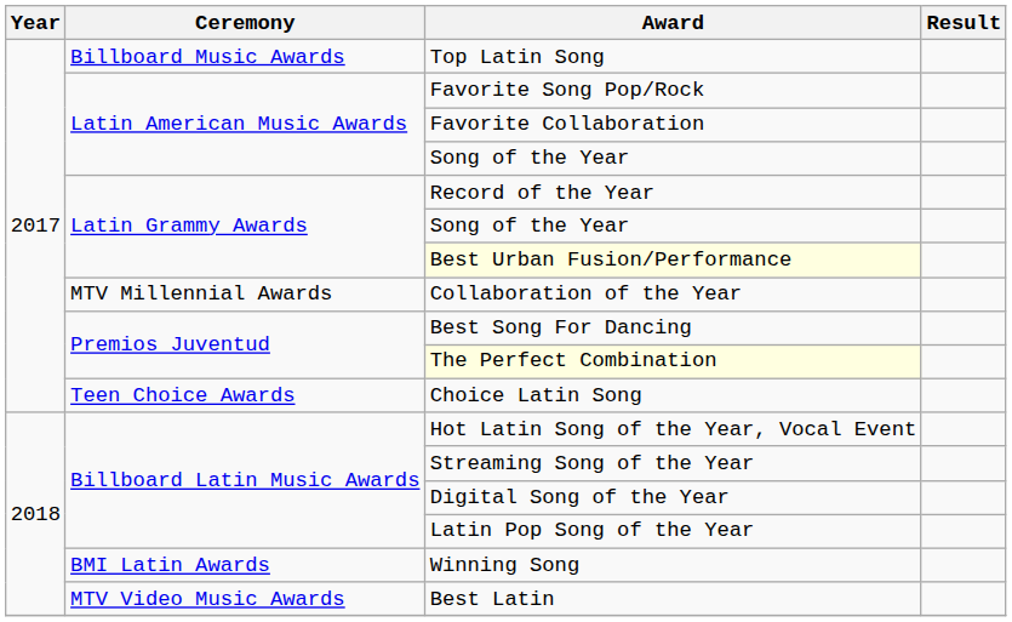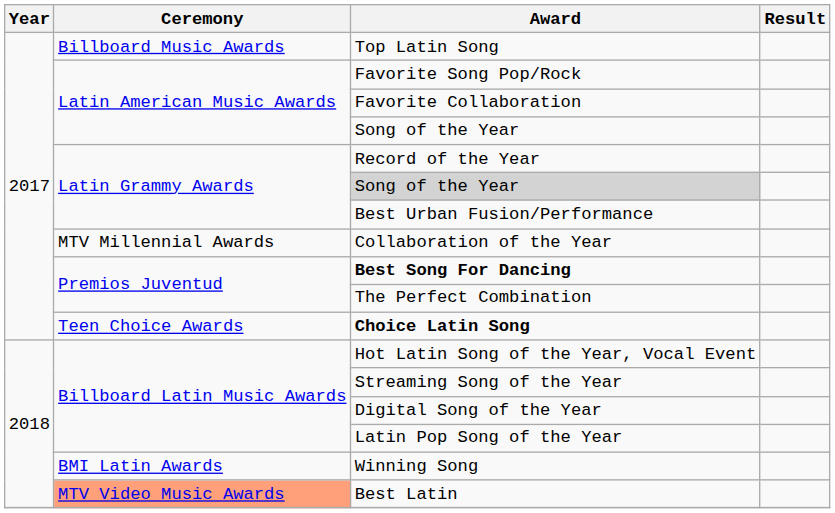 <table class="wikitable">
 <tr>
 <th>Year</th>
 <th>Ceremony</th>
 <th>Award</th>
 <th>Result</th>
 </tr>
 <tr>
 <td rowspan="11">2017</td>
 <td><a href='#'>Billboard Music Awards</a></td>
 <td>Top Latin Song</td>
 <td></td>
 </tr>
 <tr>
 <td rowspan="3"><a href='#'>Latin American Music Awards</a></td>
 <td>Favorite Song Pop/Rock</td>
 <td></td>
 </tr>
 <tr>
 <td>Favorite Collaboration</td>
 <td></td>
 </tr>
 <tr>
 <td>Song of the Year</td>
 <td></td>
 </tr>
 <tr>
 <td rowspan="3"><a href='#'>Latin Grammy Awards</a></td>
 <td>Record of the Year</td>
 <td></td>
 </tr>
 <tr>
-<td>Song of the Year</td>
+<td style="background: lightgrey;">Song of the Year</td>
 <td></td>
 </tr>
 <tr>
-<td style="background: lightyellow;">Best Urban Fusion/Performance</td>
+<td>Best Urban Fusion/Performance</td>
 <td></td>
 </tr>
 <tr>
 <td>MTV Millennial Awards</td>
 <td>Collaboration of the Year</td>
 <td></td>
 </tr>
 <tr>
 <td rowspan="2"><a href='#'>Premios Juventud</a></td>
-<td>Best Song For Dancing</td>
+<td><strong>Best Song For Dancing</strong></td>
 <td></td>
 </tr>
 <tr>
-<td style="background: lightyellow;">The Perfect Combination</td>
+<td>The Perfect Combination</td>
 <td></td>
 </tr>
 <tr>
 <td><a href='#'>Teen Choice Awards</a></td>
-<td>Choice Latin Song</td>
+<td><strong>Choice Latin Song</strong></td>
 <td></td>
 </tr>
 <tr>
 <td rowspan="6">2018</td>
 <td rowspan="4"><a href='#'>Billboard Latin Music Awards</a></td>
 <td>Hot Latin Song of the Year, Vocal Event</td>
 <td></td>
 </tr>
 <tr>
 <td>Streaming Song of the Year</td>
 <td></td>
 </tr>
 <tr>
 <td>Digital Song of the Year</td>
 <td></td>
 </tr>
 <tr>
 <td>Latin Pop Song of the Year</td>
 <td></td>
 </tr>
 <tr>
 <td><a href='#'>BMI Latin Awards</a></td>
 <td>Winning Song</td>
 <td></td>
 </tr>
 <tr>
-<td><a href='#'>MTV Video Music Awards</a></td>
+<td style="background: lightsalmon;"><a href='#'>MTV Video Music Awards</a></td>
 <td>Best Latin</td>
 <td></td>
 </tr>
 <tr>
 </tr>
 </table>
